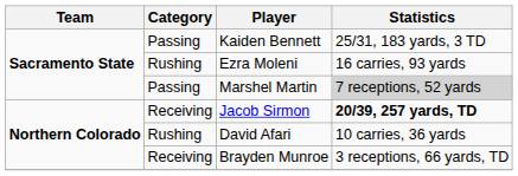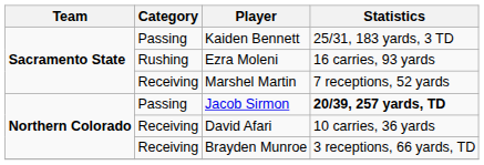 <table class="wikitable" style="float: right;">
 <tr>
 <th>Team</th>
 <th>Category</th>
 <th>Player</th>
 <th>Statistics</th>
 </tr>
 <tr>
 <td rowspan=3><strong>Sacramento State</strong></td>
 <td>Passing</td>
 <td>Kaiden Bennett</td>
 <td>25/31, 183 yards, 3 TD</td>
 </tr>
 <tr>
 <td>Rushing</td>
 <td>Ezra Moleni</td>
 <td>16 carries, 93 yards</td>
 </tr>
 <tr>
-<td>Passing</td>
+<td>Receiving</td>
 <td>Marshel Martin</td>
-<td style="background: lightgrey;">7 receptions, 52 yards</td>
+<td>7 receptions, 52 yards</td>
 </tr>
 <tr>
 <td rowspan=3><strong>Northern Colorado</strong></td>
-<td>Receiving</td>
+<td>Passing</td>
 <td><a href='#'>Jacob Sirmon</a></td>
 <td><strong>20/39, 257 yards, TD</strong></td>
 </tr>
 <tr>
-<td>Rushing</td>
+<td>Receiving</td>
 <td>David Afari</td>
 <td>10 carries, 36 yards</td>
 </tr>
 <tr>
 <td>Receiving</td>
 <td>Brayden Munroe</td>
 <td>3 receptions, 66 yards, TD</td>
 </tr>
 <tr>
 </tr>
 </table>
